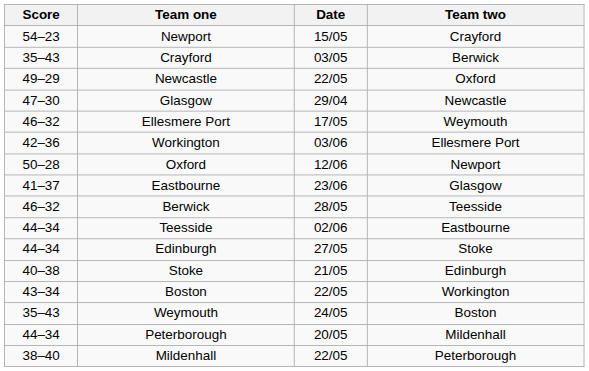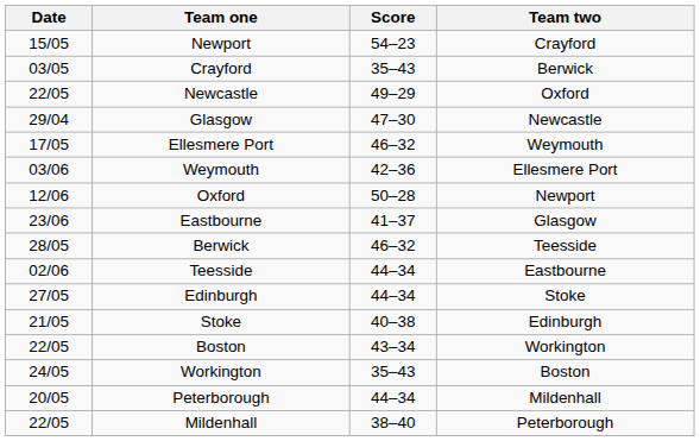 <table class="wikitable" style="text-align: center">
 <tr>
+<th width=80>Date</th>
+<th width=250>Team one</th>
 <th width=80>Score</th>
-<th width=250>Team one</th>
-<th width=80>Date</th>
 <th width=250>Team two</th>
 </tr>
 <tr>
+<td>15/05</td>
+<td>Newport</td>
 <td>54–23</td>
-<td>Newport</td>
-<td>15/05</td>
 <td>Crayford</td>
 </tr>
 <tr>
+<td>03/05</td>
+<td>Crayford</td>
 <td>35–43</td>
-<td>Crayford</td>
-<td>03/05</td>
 <td>Berwick</td>
 </tr>
 <tr>
+<td>22/05</td>
+<td>Newcastle</td>
 <td>49–29</td>
-<td>Newcastle</td>
-<td>22/05</td>
 <td>Oxford</td>
 </tr>
 <tr>
+<td>29/04</td>
+<td>Glasgow</td>
 <td>47–30</td>
-<td>Glasgow</td>
-<td>29/04</td>
 <td>Newcastle</td>
 </tr>
 <tr>
+<td>17/05</td>
+<td>Ellesmere Port</td>
 <td>46–32</td>
-<td>Ellesmere Port</td>
-<td>17/05</td>
 <td>Weymouth</td>
 </tr>
 <tr>
+<td>03/06</td>
+<td>Weymouth</td>
 <td>42–36</td>
-<td>Workington</td>
-<td>03/06</td>
 <td>Ellesmere Port</td>
 </tr>
 <tr>
+<td>12/06</td>
+<td>Oxford</td>
 <td>50–28</td>
-<td>Oxford</td>
-<td>12/06</td>
 <td>Newport</td>
 </tr>
 <tr>
+<td>23/06</td>
+<td>Eastbourne</td>
 <td>41–37</td>
-<td>Eastbourne</td>
-<td>23/06</td>
 <td>Glasgow</td>
 </tr>
 <tr>
+<td>28/05</td>
+<td>Berwick</td>
 <td>46–32</td>
-<td>Berwick</td>
-<td>28/05</td>
 <td>Teesside</td>
 </tr>
 <tr>
+<td>02/06</td>
+<td>Teesside</td>
 <td>44–34</td>
-<td>Teesside</td>
-<td>02/06</td>
 <td>Eastbourne</td>
 </tr>
 <tr>
+<td>27/05</td>
+<td>Edinburgh</td>
 <td>44–34</td>
-<td>Edinburgh</td>
-<td>27/05</td>
 <td>Stoke</td>
 </tr>
 <tr>
+<td>21/05</td>
+<td>Stoke</td>
 <td>40–38</td>
-<td>Stoke</td>
-<td>21/05</td>
 <td>Edinburgh</td>
 </tr>
 <tr>
+<td>22/05</td>
+<td>Boston</td>
 <td>43–34</td>
-<td>Boston</td>
-<td>22/05</td>
 <td>Workington</td>
 </tr>
 <tr>
+<td>24/05</td>
+<td>Workington</td>
 <td>35–43</td>
-<td>Weymouth</td>
-<td>24/05</td>
 <td>Boston</td>
 </tr>
 <tr>
+<td>20/05</td>
+<td>Peterborough</td>
 <td>44–34</td>
-<td>Peterborough</td>
-<td>20/05</td>
 <td>Mildenhall</td>
 </tr>
 <tr>
+<td>22/05</td>
+<td>Mildenhall</td>
 <td>38–40</td>
-<td>Mildenhall</td>
-<td>22/05</td>
 <td>Peterborough</td>
 </tr>
 </table>
